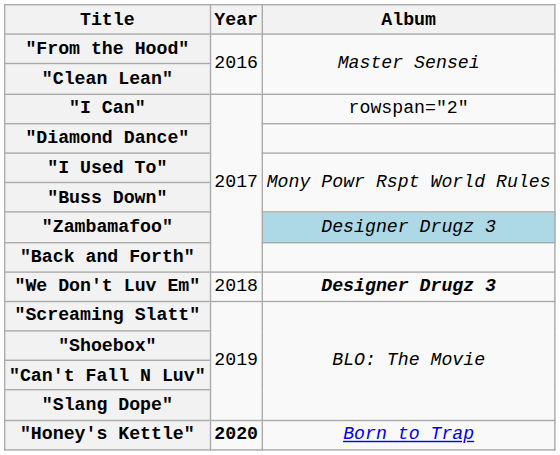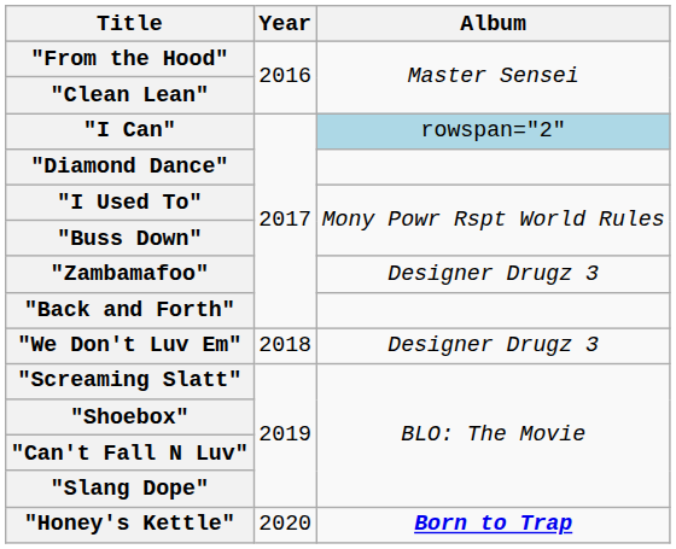 <table class="wikitable plainrowheaders" style="text-align:center;">
 <tr>
 <th>Title</th>
 <th>Year</th>
 <th>Album</th>
 </tr>
 <tr>
 <th scope="row">"From the Hood"</th>
 <td rowspan="2">2016</td>
 <td rowspan="2"><em>Master Sensei</em></td>
 </tr>
 <tr>
 <th scope="row">"Clean Lean"</th>
 </tr>
 <tr>
 <th scope="row">"I Can"<br></th>
 <td rowspan="6">2017</td>
-<td>rowspan="2" </td>
+<td style="background: lightblue;">rowspan="2" </td>
 </tr>
 <tr>
 <th scope="row">"Diamond Dance"<br></th>
 </tr>
 <tr>
 <th scope="row">"I Used To"<br></th>
 <td rowspan="2"><em>Mony Powr Rspt World Rules</em></td>
 </tr>
 <tr>
 <th scope="row">"Buss Down"<br></th>
 </tr>
 <tr>
 <th scope="row">"Zambamafoo"<br></th>
-<td style="background: lightblue;"><em>Designer Drugz 3</em></td>
+<td><em>Designer Drugz 3</em></td>
 </tr>
 <tr>
 <th scope="row">"Back and Forth"<br></th>
 <td></td>
 </tr>
 <tr>
 <th scope="row">"We Don't Luv Em"<br></th>
 <td>2018</td>
-<td><strong><em>Designer Drugz 3</em></strong></td>
+<td><em>Designer Drugz 3</em></td>
 </tr>
 <tr>
 <th scope="row">"Screaming Slatt"<br></th>
 <td rowspan="4">2019</td>
 <td rowspan="4"><em>BLO: The Movie</em></td>
 </tr>
 <tr>
 <th scope="row">"Shoebox"<br></th>
 </tr>
 <tr>
 <th scope="row">"Can't Fall N Luv"<br></th>
 </tr>
 <tr>
 <th scope="row">"Slang Dope"</th>
 </tr>
 <tr>
 <th scope="row">"Honey's Kettle"<br></th>
-<td><strong>2020</strong></td>
-<td><em><a href='#'>Born to Trap</a></em></td>
+<td>2020</td>
+<td><strong><em><a href='#'>Born to Trap</a></em></strong></td>
 </tr>
 </table>
